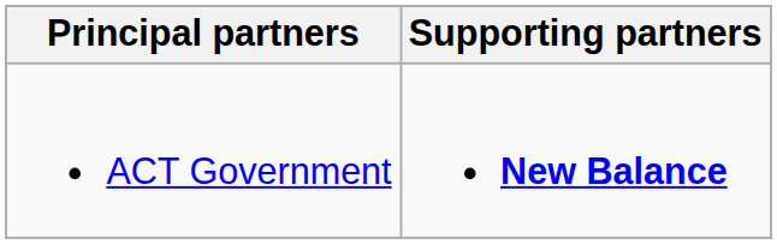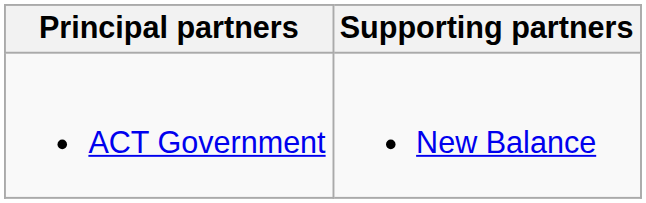 <table class="wikitable">
 <tr>
 <th>Principal partners</th>
 <th>Supporting partners</th>
 </tr>
 <tr>
 <td style="vertical-align:top;"><br><ul><li><a href='#'>ACT Government</a></li></ul></td>
-<td style="vertical-align:top;"><strong><br><ul><li><a href='#'>New Balance</a></li></ul></strong></td>
+<td style="vertical-align:top;"><br><ul><li><a href='#'>New Balance</a></li></ul></td>
 </tr>
 </table>
